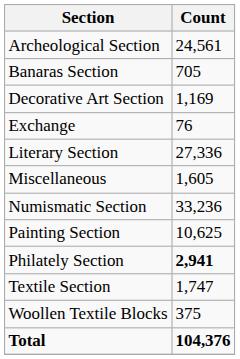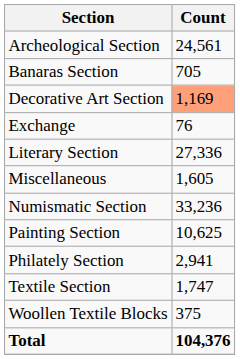 <table class="wikitable sortable">
 <tr>
 <th>Section</th>
 <th>Count</th>
 </tr>
 <tr>
 <td>Archeological Section</td>
 <td>24,561</td>
 </tr>
 <tr>
 <td>Banaras Section</td>
 <td>705</td>
 </tr>
 <tr>
 <td>Decorative Art Section</td>
-<td>1,169</td>
+<td style="background: lightsalmon;">1,169</td>
 </tr>
 <tr>
 <td>Exchange</td>
 <td>76</td>
 </tr>
 <tr>
 <td>Literary Section</td>
 <td>27,336</td>
 </tr>
 <tr>
 <td>Miscellaneous</td>
 <td>1,605</td>
 </tr>
 <tr>
 <td>Numismatic Section</td>
 <td>33,236</td>
 </tr>
 <tr>
 <td>Painting Section</td>
 <td>10,625</td>
 </tr>
 <tr>
 <td>Philately Section</td>
-<td><strong>2,941</strong></td>
+<td>2,941</td>
 </tr>
 <tr>
 <td>Textile Section</td>
 <td>1,747</td>
 </tr>
 <tr>
 <td>Woollen Textile Blocks</td>
 <td>375</td>
 </tr>
 <tr>
 <td><strong>Total</strong></td>
 <td><strong>104,376</strong></td>
 </tr>
 <tr>
 </tr>
 </table>
